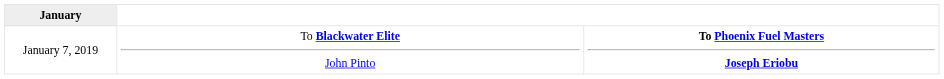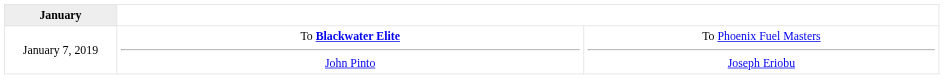 <table border=1 style="border-collapse:collapse; text-align: center; width: 100%" bordercolor="#DFDFDF"  cellpadding="5">
 <tr bgcolor="eeeeee">
 <th>January</th>
 </tr>
 <tr>
 <td style="width:12%" rowspan=1>January 7, 2019</td>
 <td style="width:50%" valign="top">To <strong><a href='#'>Blackwater Elite</a></strong><hr><a href='#'>John Pinto</a></td>
-<td style="width:50%" valign="top"><strong>To <a href='#'>Phoenix Fuel Masters</a><hr><a href='#'>Joseph Eriobu</a></strong></td>
+<td style="width:50%" valign="top">To <a href='#'>Phoenix Fuel Masters</a><hr><a href='#'>Joseph Eriobu</a></td>
 </tr>
 </table>
